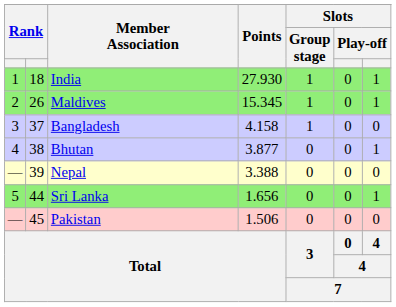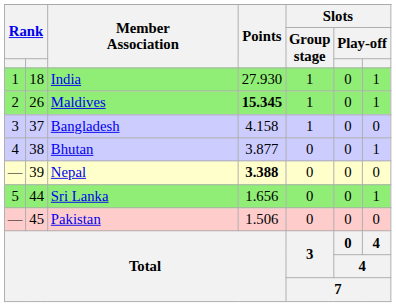 <table class="wikitable" style="text-align:center">
 <tr>
 </tr>
 <tr>
 <th colspan=2 rowspan=2><a href='#'>Rank</a></th>
 <th rowspan=3 width=200>Member<br>Association</th>
 <th rowspan=3>Points</th>
 <th colspan=4>Slots</th>
 </tr>
 <tr>
 <th rowspan=2>Group<br>stage</th>
 <th colspan=2>Play-off</th>
 </tr>
 <tr>
 <th></th>
 <th></th>
 <th></th>
 <th></th>
 </tr>
 <tr bgcolor=#90ee77>
 <td>1</td>
 <td>18</td>
 <td align=left> <a href='#'>India</a></td>
 <td>27.930</td>
 <td>1</td>
 <td>0</td>
 <td>1</td>
 </tr>
 <tr bgcolor=#90ee77>
 <td>2</td>
 <td>26</td>
 <td align=left> <a href='#'>Maldives</a></td>
-<td>15.345</td>
+<td><strong>15.345</strong></td>
 <td>1</td>
 <td>0</td>
 <td>1</td>
 </tr>
 <tr bgcolor=#ccccff>
 <td>3</td>
 <td>37</td>
 <td align=left> <a href='#'>Bangladesh</a></td>
 <td>4.158</td>
 <td>1</td>
 <td>0</td>
 <td>0</td>
 </tr>
 <tr bgcolor=#ccccff>
 <td>4</td>
 <td>38</td>
 <td align=left> <a href='#'>Bhutan</a></td>
 <td>3.877</td>
 <td>0</td>
 <td>0</td>
 <td>1</td>
 </tr>
 <tr bgcolor=#ffffcc>
 <td>—</td>
 <td>39</td>
 <td align=left> <a href='#'>Nepal</a></td>
-<td>3.388</td>
+<td><strong>3.388</strong></td>
 <td>0</td>
 <td>0</td>
 <td>0</td>
 </tr>
 <tr bgcolor=#90ee77>
 <td>5</td>
 <td>44</td>
 <td align=left> <a href='#'>Sri Lanka</a></td>
 <td>1.656</td>
 <td>0</td>
 <td>0</td>
 <td>1</td>
 </tr>
 <tr bgcolor=#ffcccc>
 <td>—</td>
 <td>45</td>
 <td align=left> <a href='#'>Pakistan</a></td>
 <td>1.506</td>
 <td>0</td>
 <td>0</td>
 <td>0</td>
 </tr>
 <tr>
 <th colspan=4 rowspan=3>Total</th>
 <th rowspan=2>3</th>
 <th>0</th>
 <th>4</th>
 </tr>
 <tr>
 <th colspan=2>4</th>
 </tr>
 <tr>
 <th colspan=3>7</th>
 </tr>
 </table>
